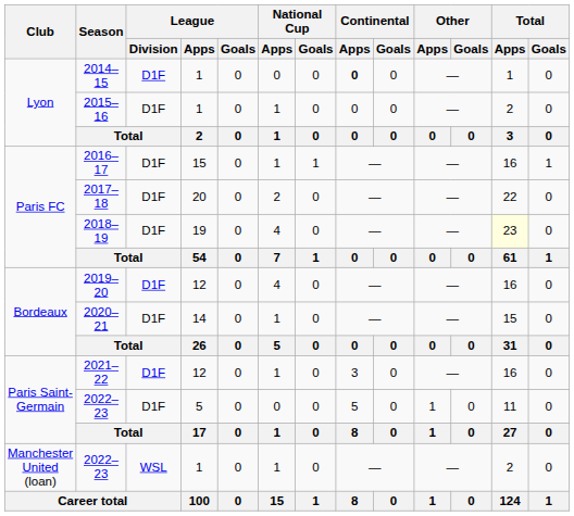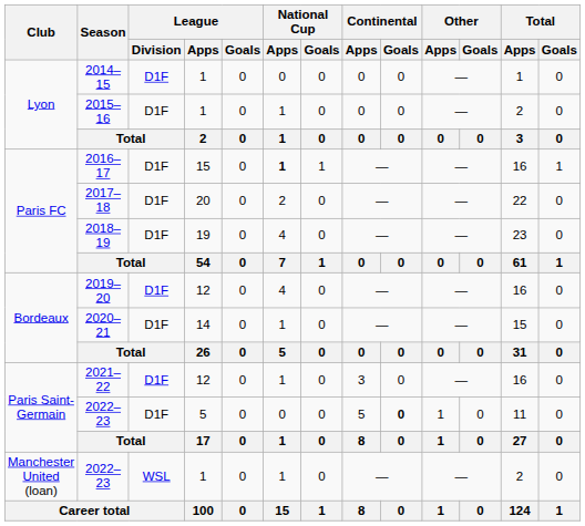 <table class="wikitable" style="text-align:center">
 <tr>
 <th rowspan="2">Club</th>
 <th rowspan="2">Season</th>
 <th colspan="3">League</th>
 <th colspan="2">National Cup</th>
 <th colspan="2">Continental</th>
 <th colspan="2">Other</th>
 <th colspan="2">Total</th>
 </tr>
 <tr>
 <th>Division</th>
 <th>Apps</th>
 <th>Goals</th>
 <th>Apps</th>
 <th>Goals</th>
 <th>Apps</th>
 <th>Goals</th>
 <th>Apps</th>
 <th>Goals</th>
 <th>Apps</th>
 <th>Goals</th>
 </tr>
 <tr>
 <td rowspan="3"><a href='#'>Lyon</a></td>
 <td><a href='#'>2014–15</a></td>
 <td><a href='#'>D1F</a></td>
 <td>1</td>
 <td>0</td>
 <td>0</td>
 <td>0</td>
-<td><strong>0</strong></td>
+<td>0</td>
 <td>0</td>
 <td colspan="2">—</td>
 <td>1</td>
 <td>0</td>
 </tr>
 <tr>
 <td><a href='#'>2015–16</a></td>
 <td>D1F</td>
 <td>1</td>
 <td>0</td>
 <td>1</td>
 <td>0</td>
 <td>0</td>
 <td>0</td>
 <td colspan="2">—</td>
 <td>2</td>
 <td>0</td>
 </tr>
 <tr>
 <th colspan="2">Total</th>
 <th>2</th>
 <th>0</th>
 <th>1</th>
 <th>0</th>
 <th>0</th>
 <th>0</th>
 <th>0</th>
 <th>0</th>
 <th>3</th>
 <th>0</th>
 </tr>
 <tr>
 <td rowspan="4"><a href='#'>Paris FC</a></td>
 <td><a href='#'>2016–17</a></td>
 <td>D1F</td>
 <td>15</td>
 <td>0</td>
-<td>1</td>
+<td><strong>1</strong></td>
 <td>1</td>
 <td colspan="2">—</td>
 <td colspan="2">—</td>
 <td>16</td>
 <td>1</td>
 </tr>
 <tr>
 <td><a href='#'>2017–18</a></td>
 <td>D1F</td>
 <td>20</td>
 <td>0</td>
 <td>2</td>
 <td>0</td>
 <td colspan="2">—</td>
 <td colspan="2">—</td>
 <td>22</td>
 <td>0</td>
 </tr>
 <tr>
 <td><a href='#'>2018–19</a></td>
 <td>D1F</td>
 <td>19</td>
 <td>0</td>
 <td>4</td>
 <td>0</td>
 <td colspan="2">—</td>
 <td colspan="2">—</td>
-<td style="background: lightyellow;">23</td>
+<td>23</td>
 <td>0</td>
 </tr>
 <tr>
 <th colspan="2">Total</th>
 <th>54</th>
 <th>0</th>
 <th>7</th>
 <th>1</th>
 <th>0</th>
 <th>0</th>
 <th>0</th>
 <th>0</th>
 <th>61</th>
 <th>1</th>
 </tr>
 <tr>
 <td rowspan="3"><a href='#'>Bordeaux</a></td>
 <td><a href='#'>2019–20</a></td>
 <td><a href='#'>D1F</a></td>
 <td>12</td>
 <td>0</td>
 <td>4</td>
 <td>0</td>
 <td colspan="2">—</td>
 <td colspan="2">—</td>
 <td>16</td>
 <td>0</td>
 </tr>
 <tr>
 <td><a href='#'>2020–21</a></td>
 <td>D1F</td>
 <td>14</td>
 <td>0</td>
 <td>1</td>
 <td>0</td>
 <td colspan="2">—</td>
 <td colspan="2">—</td>
 <td>15</td>
 <td>0</td>
 </tr>
 <tr>
 <th colspan="2">Total</th>
 <th>26</th>
 <th>0</th>
 <th>5</th>
 <th>0</th>
 <th>0</th>
 <th>0</th>
 <th>0</th>
 <th>0</th>
 <th>31</th>
 <th>0</th>
 </tr>
 <tr>
 <td rowspan="3"><a href='#'>Paris Saint-Germain</a></td>
 <td><a href='#'>2021–22</a></td>
 <td><a href='#'>D1F</a></td>
 <td>12</td>
 <td>0</td>
 <td>1</td>
 <td>0</td>
 <td>3</td>
 <td>0</td>
 <td colspan="2">—</td>
 <td>16</td>
 <td>0</td>
 </tr>
 <tr>
 <td><a href='#'>2022–23</a></td>
 <td>D1F</td>
 <td>5</td>
 <td>0</td>
 <td>0</td>
 <td>0</td>
 <td>5</td>
-<td>0</td>
+<td><strong>0</strong></td>
 <td>1</td>
 <td>0</td>
 <td>11</td>
 <td>0</td>
 </tr>
 <tr>
 <th colspan="2">Total</th>
 <th>17</th>
 <th>0</th>
 <th>1</th>
 <th>0</th>
 <th>8</th>
 <th>0</th>
 <th>1</th>
 <th>0</th>
 <th>27</th>
 <th>0</th>
 </tr>
 <tr>
 <td><a href='#'>Manchester United</a> (loan)</td>
 <td><a href='#'>2022–23</a></td>
 <td><a href='#'>WSL</a></td>
 <td>1</td>
 <td>0</td>
 <td>1</td>
 <td>0</td>
 <td colspan="2">—</td>
 <td colspan="2">—</td>
 <td>2</td>
 <td>0</td>
 </tr>
 <tr>
 <th colspan="3">Career total</th>
 <th>100</th>
 <th>0</th>
 <th>15</th>
 <th>1</th>
 <th>8</th>
 <th>0</th>
 <th>1</th>
 <th>0</th>
 <th>124</th>
 <th>1</th>
 </tr>
 </table>
